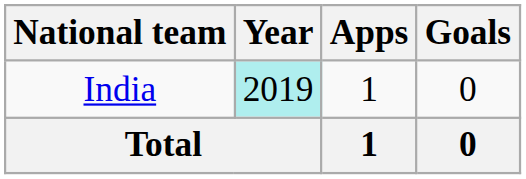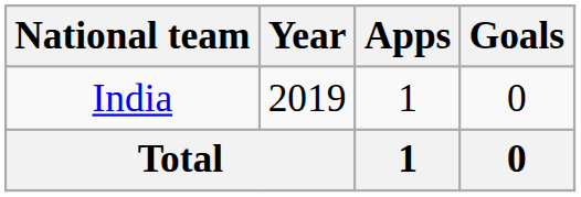 <table class="wikitable" style="text-align:center">
 <tr>
 <th>National team</th>
 <th>Year</th>
 <th>Apps</th>
 <th>Goals</th>
 </tr>
 <tr>
 <td rowspan="1"><a href='#'>India</a></td>
-<td style="background: paleturquoise;">2019</td>
+<td>2019</td>
 <td>1</td>
 <td>0</td>
 </tr>
 <tr>
 <th colspan="2">Total</th>
 <th>1</th>
 <th>0</th>
 </tr>
 </table>
